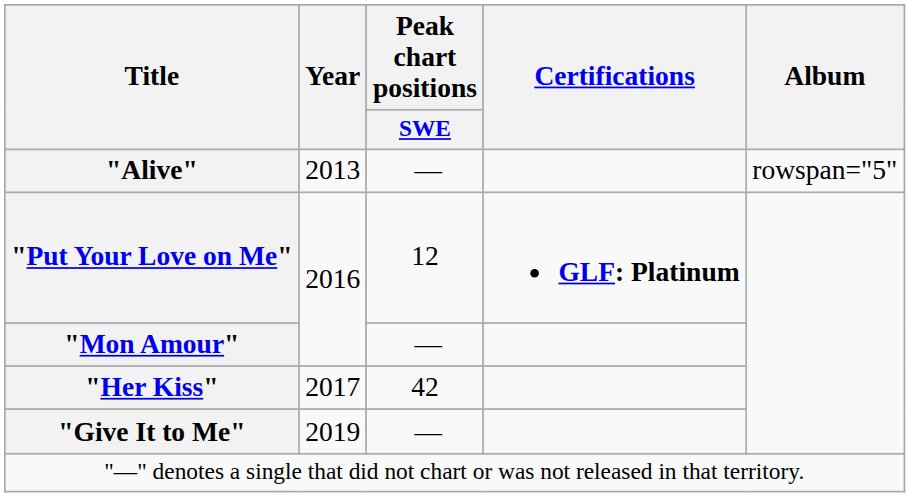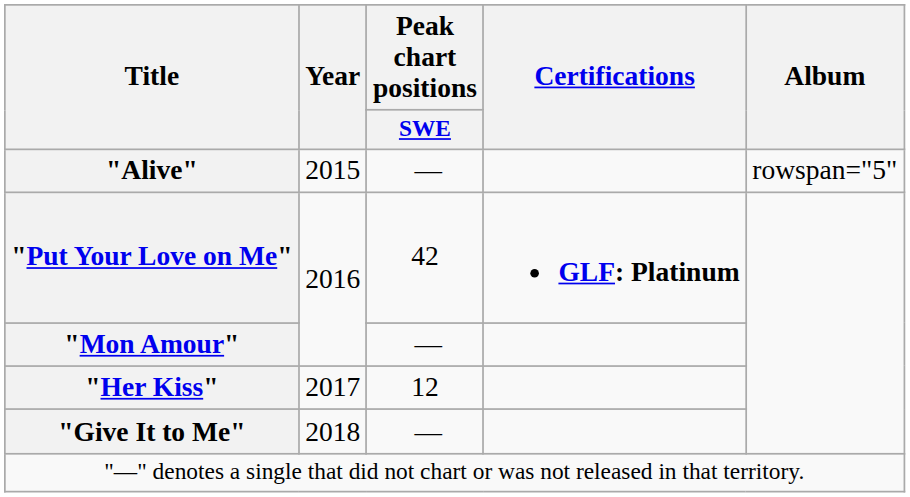 <table class="wikitable plainrowheaders" style="text-align:center;">
 <tr>
 <th scope="col" rowspan="2">Title</th>
 <th scope="col" rowspan="2">Year</th>
 <th scope="col" colspan="1">Peak chart positions</th>
 <th scope="col" rowspan="2"><a href='#'>Certifications</a></th>
 <th scope="col" rowspan="2">Album</th>
 </tr>
 <tr>
 <th scope="col" style="width:3em;font-size:85%;"><a href='#'>SWE</a><br></th>
 </tr>
 <tr>
 <th scope="row">"Alive"</th>
-<td>2013</td>
+<td>2015</td>
 <td> —</td>
 <td></td>
 <td>rowspan="5" </td>
 </tr>
 <tr>
 <th scope="row">"<a href='#'>Put Your Love on Me</a>"</th>
 <td rowspan="2">2016</td>
-<td>12</td>
+<td>42<br></td>
 <td><strong><br><ul><li><a href='#'>GLF</a>: Platinum</li></ul></strong></td>
 </tr>
 <tr>
 <th scope="row">"<a href='#'>Mon Amour</a>"</th>
 <td> —</td>
 <td></td>
 </tr>
 <tr>
 <th scope="row">"<a href='#'>Her Kiss</a>"</th>
 <td>2017</td>
-<td>42<br></td>
+<td>12</td>
 <td></td>
 </tr>
 <tr>
 <th scope="row">"Give It to Me"</th>
-<td>2019</td>
+<td>2018</td>
 <td> —</td>
 <td></td>
 </tr>
 <tr>
 <td colspan="10" style="font-size:85%">"—" denotes a single that did not chart or was not released in that territory.</td>
 </tr>
 </table>
